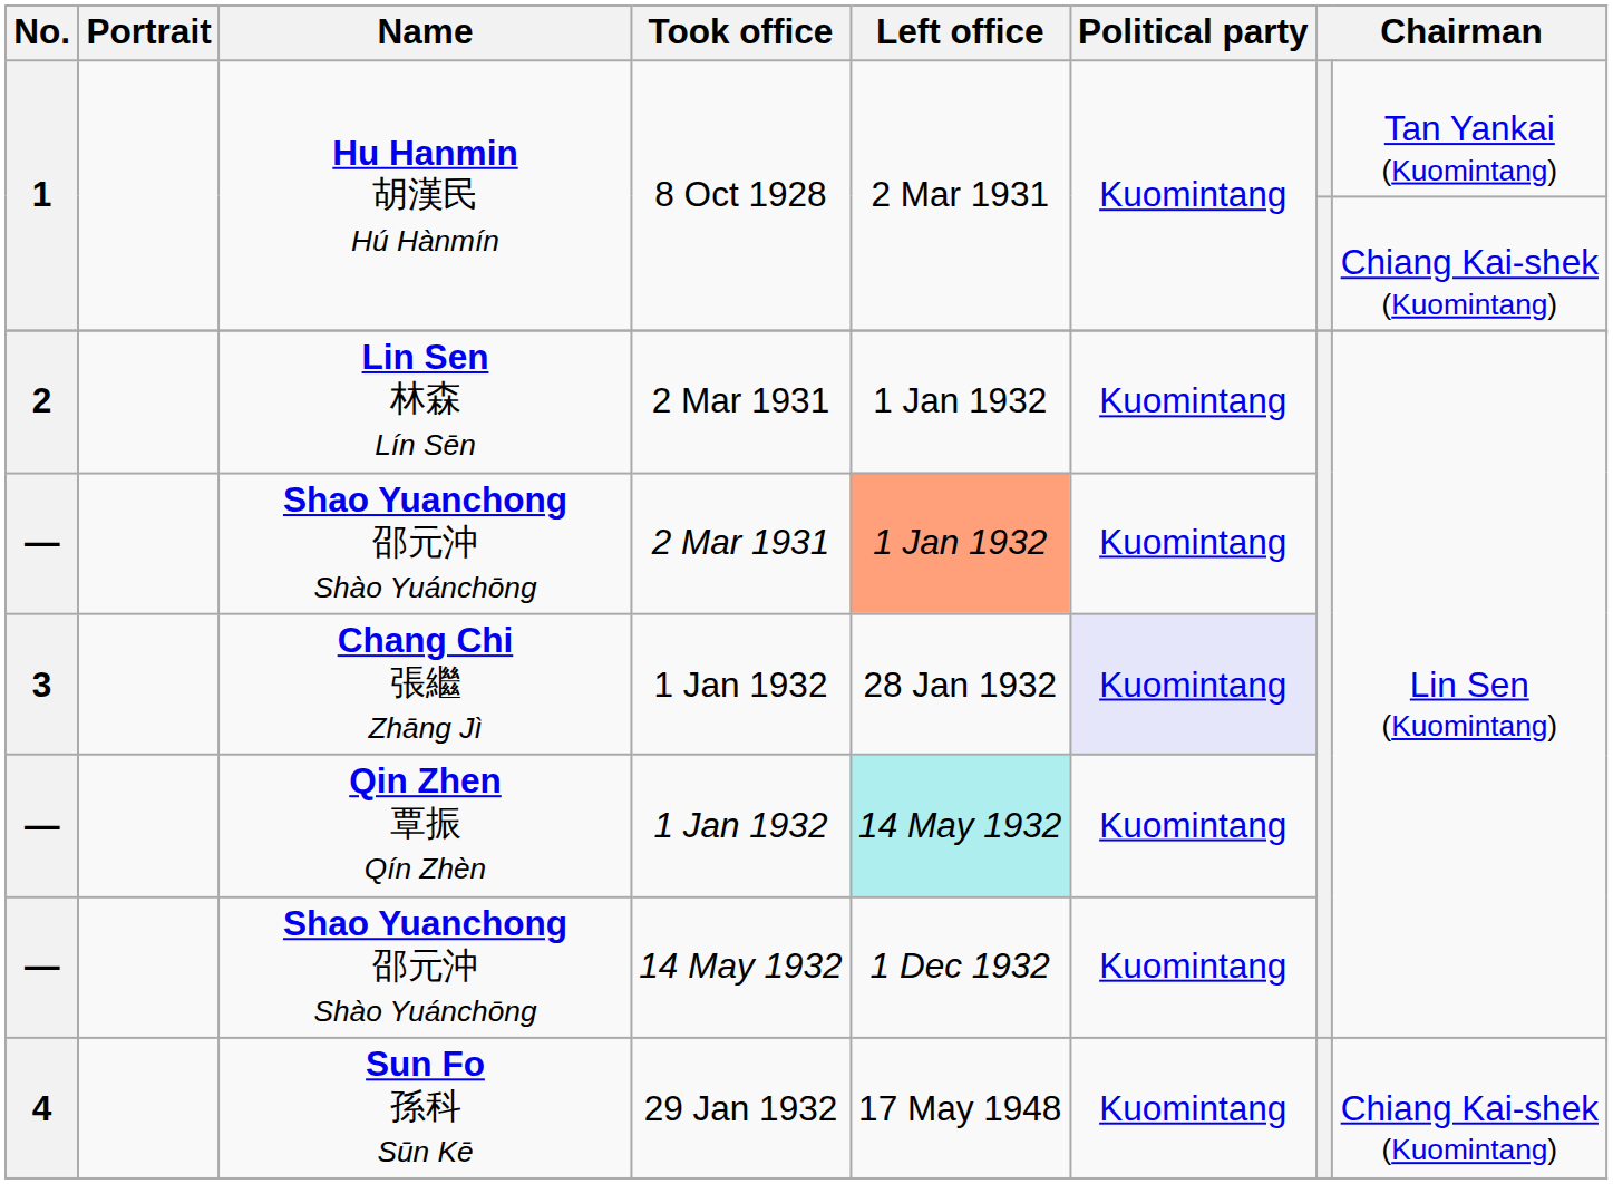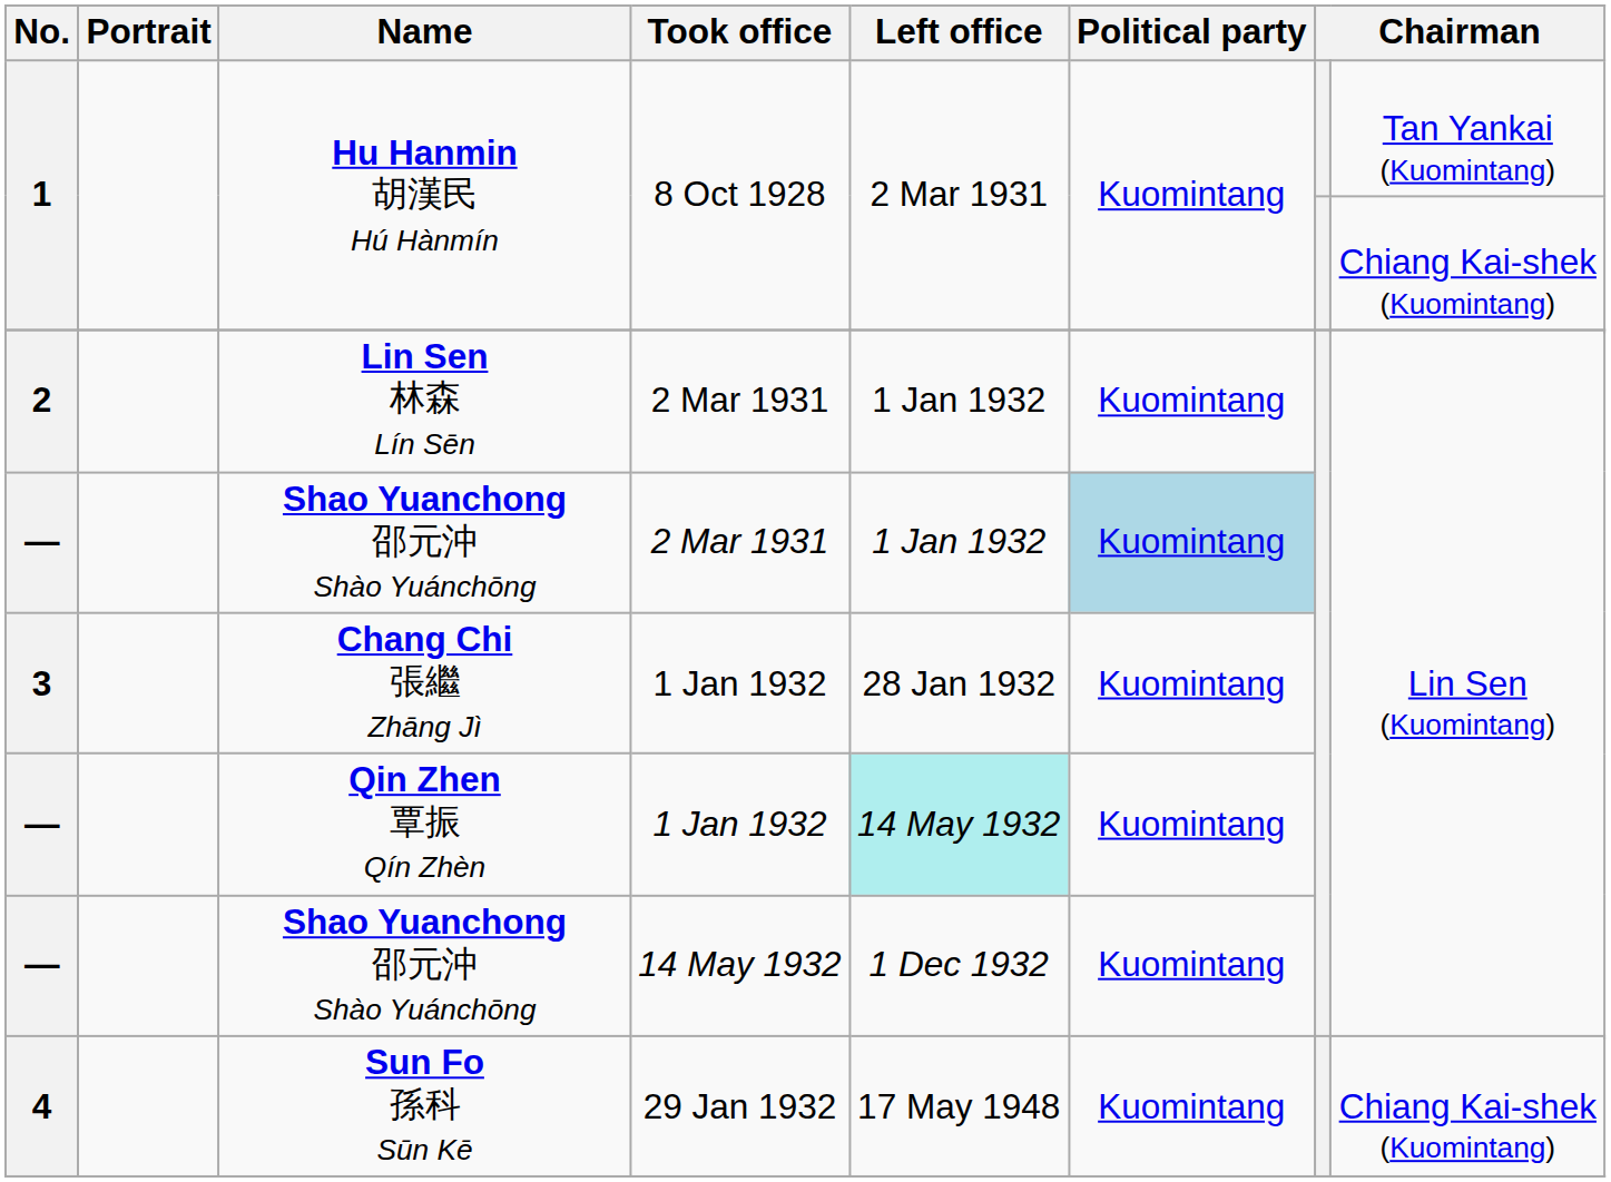 <table class=wikitable style="text-align:center;">
 <tr>
 <th>No.</th>
 <th>Portrait</th>
 <th width=180px>Name<br></th>
 <th>Took office</th>
 <th>Left office</th>
 <th>Political party</th>
 <th colspan=2>Chairman</th>
 </tr>
 <tr>
 <th rowspan=2 style="background:">1</th>
 <td rowspan=2></td>
 <td rowspan=2 align=center><strong><a href='#'>Hu Hanmin</a></strong><br><span>胡漢民</span><br><small><em>Hú Hànmín</em></small></td>
 <td rowspan=2>8 Oct 1928</td>
 <td rowspan=2>2 Mar 1931</td>
 <td rowspan=2><a href='#'>Kuomintang</a></td>
 <th style="background:"></th>
 <td><br><a href='#'>Tan Yankai</a><br><small>(<a href='#'>Kuomintang</a>)</small></td>
 </tr>
 <tr>
 <th rowspan=2 style="background:"></th>
 <td rowspan=2><br><a href='#'>Chiang Kai-shek</a><br><small>(<a href='#'>Kuomintang</a>)</small></td>
 </tr>
 <tr>
 </tr>
 <tr>
 <th rowspan=2 style="background:">2</th>
 <td rowspan=2></td>
 <td rowspan=2 align=center><strong><a href='#'>Lin Sen</a></strong><br><span>林森</span><br><small><em>Lín Sēn</em></small></td>
 <td rowspan=2>2 Mar 1931</td>
 <td rowspan=2>1 Jan 1932</td>
 <td rowspan=2><a href='#'>Kuomintang</a></td>
 </tr>
 <tr>
 <th rowspan=6 style="background:"></th>
 <td rowspan=6><br><a href='#'>Lin Sen</a><br><small>(<a href='#'>Kuomintang</a>)</small></td>
 </tr>
 <tr>
 <th style="background:">—</th>
 <td></td>
 <td align=center><strong><a href='#'>Shao Yuanchong</a></strong><br><span>邵元沖</span><br><small><em>Shào Yuánchōng</em></small></td>
 <td><em>2 Mar 1931</em></td>
-<td style="background: lightsalmon;"><em>1 Jan 1932</em></td>
-<td><a href='#'>Kuomintang</a></td>
+<td><em>1 Jan 1932</em></td>
+<td style="background: lightblue;"><a href='#'>Kuomintang</a></td>
 </tr>
 <tr>
 <th style="background:">3</th>
 <td></td>
 <td align=center><strong><a href='#'>Chang Chi</a></strong><br><span>張繼</span><br><small><em>Zhāng Jì</em></small></td>
 <td>1 Jan 1932</td>
 <td>28 Jan 1932</td>
-<td style="background: lavender;"><a href='#'>Kuomintang</a></td>
+<td><a href='#'>Kuomintang</a></td>
 </tr>
 <tr>
 <th style="background:">—</th>
 <td></td>
 <td align=center><strong><a href='#'>Qin Zhen</a></strong><br><span>覃振</span><br><small><em>Qín Zhèn</em></small></td>
 <td><em>1 Jan 1932</em></td>
 <td style="background: paleturquoise;"><em>14 May 1932</em></td>
 <td><a href='#'>Kuomintang</a></td>
 </tr>
 <tr>
 <th style="background:">—</th>
 <td></td>
 <td align=center><strong><a href='#'>Shao Yuanchong</a></strong><br><span>邵元沖</span><br><small><em>Shào Yuánchōng</em></small></td>
 <td><em>14 May 1932</em></td>
 <td><em>1 Dec 1932</em></td>
 <td><a href='#'>Kuomintang</a></td>
 </tr>
 <tr>
 <th rowspan=2 style="background:">4</th>
 <td rowspan=2></td>
 <td rowspan=2 align=center><strong><a href='#'>Sun Fo</a></strong><br><span>孫科<br><small><em>Sūn Kē</em></small></span></td>
 <td rowspan=2>29 Jan 1932</td>
 <td rowspan=2>17 May 1948</td>
 <td rowspan=2><a href='#'>Kuomintang</a></td>
 </tr>
 <tr>
 <th style="background:"></th>
 <td><br><a href='#'>Chiang Kai-shek</a><br><small>(<a href='#'>Kuomintang</a>)</small></td>
 </tr>
 <tr>
 </tr>
 </table>
